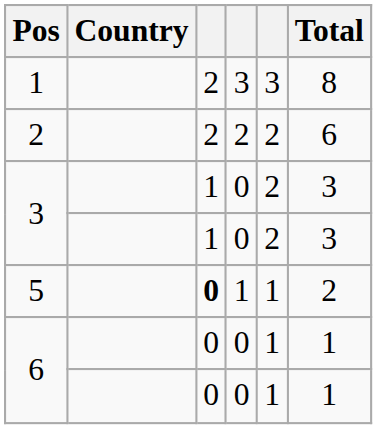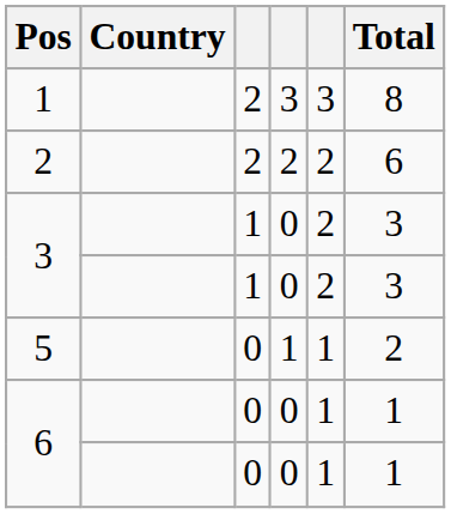 <table class=wikitable style="font-size:95%; text-align: center">
 <tr>
 <th>Pos</th>
 <th>Country</th>
 <th></th>
 <th></th>
 <th></th>
 <th>Total</th>
 </tr>
 <tr>
 <td>1</td>
 <td style="text-align:left"></td>
 <td>2</td>
 <td>3</td>
 <td>3</td>
 <td>8</td>
 </tr>
 <tr>
 <td>2</td>
 <td style="text-align:left"></td>
 <td>2</td>
 <td>2</td>
 <td>2</td>
 <td>6</td>
 </tr>
 <tr>
 <td rowspan=2>3</td>
 <td style="text-align:left"></td>
 <td>1</td>
 <td>0</td>
 <td>2</td>
 <td>3</td>
 </tr>
 <tr>
 <td style=text-align:left></td>
 <td>1</td>
 <td>0</td>
 <td>2</td>
 <td>3</td>
 </tr>
 <tr>
 <td>5</td>
 <td style="text-align:left"></td>
-<td><strong>0</strong></td>
+<td>0</td>
 <td>1</td>
 <td>1</td>
 <td>2</td>
 </tr>
 <tr>
 <td rowspan=2>6</td>
 <td style="text-align:left"></td>
 <td>0</td>
 <td>0</td>
 <td>1</td>
 <td>1</td>
 </tr>
 <tr>
 <td style=text-align:left></td>
 <td>0</td>
 <td>0</td>
 <td>1</td>
 <td>1</td>
 </tr>
 </table>
